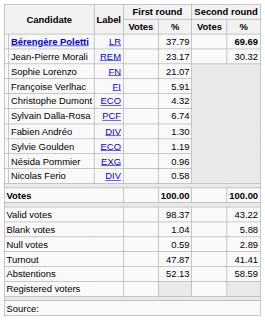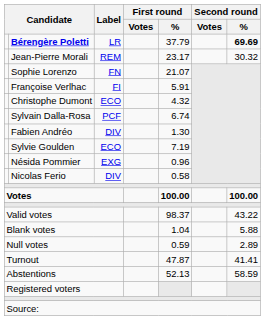 <table class="wikitable" style="text-align:right;font-size:95%;">
 <tr>
 <th colspan="2" rowspan="2">Candidate</th>
 <th rowspan="2">Label</th>
 <th colspan="2">First round</th>
 <th colspan="2">Second round</th>
 </tr>
 <tr>
 <th style="width:50px;">Votes</th>
 <th style="width:45px;">%</th>
 <th style="width:50px;">Votes</th>
 <th style="width:45px;">%</th>
 </tr>
 <tr>
 <td style="color:inherit;background:"></td>
 <td style="text-align:left;"><strong><a href='#'>Bérengère Poletti</a></strong></td>
 <td><a href='#'>LR</a></td>
 <td></td>
 <td>37.79</td>
 <td><strong></strong></td>
 <td><strong>69.69</strong></td>
 </tr>
 <tr>
 <td style="color:inherit;background:"></td>
 <td style="text-align:left;">Jean-Pierre Morali</td>
 <td><a href='#'>REM</a></td>
 <td></td>
 <td>23.17</td>
 <td></td>
 <td>30.32</td>
 </tr>
 <tr>
 <td style="color:inherit;background:"></td>
 <td style="text-align:left;">Sophie Lorenzo</td>
 <td><a href='#'>FN</a></td>
 <td></td>
 <td>21.07</td>
 <td colspan="2" rowspan="8" style="background:#E9E9E9;"></td>
 </tr>
 <tr>
 <td style="color:inherit;background:"></td>
 <td style="text-align:left;">Françoise Verlhac</td>
 <td><a href='#'>FI</a></td>
 <td></td>
 <td>5.91</td>
 </tr>
 <tr>
 <td style="color:inherit;background:"></td>
 <td style="text-align:left;">Christophe Dumont</td>
 <td><a href='#'>ECO</a></td>
 <td></td>
 <td>4.32</td>
 </tr>
 <tr>
 <td style="color:inherit;background:"></td>
 <td style="text-align:left;">Sylvain Dalla-Rosa</td>
 <td><a href='#'>PCF</a></td>
 <td></td>
 <td>6.74</td>
 </tr>
 <tr>
 <td style="color:inherit;background:"></td>
 <td style="text-align:left;">Fabien Andréo</td>
 <td><a href='#'>DIV</a></td>
 <td></td>
 <td>1.30</td>
 </tr>
 <tr>
 <td style="color:inherit;background:"></td>
 <td style="text-align:left;">Sylvie Goulden</td>
 <td><a href='#'>ECO</a></td>
 <td></td>
-<td>1.19</td>
+<td>7.19</td>
 </tr>
 <tr>
 <td style="color:inherit;background:"></td>
 <td style="text-align:left;">Nésida Pommier</td>
 <td><a href='#'>EXG</a></td>
 <td></td>
 <td>0.96</td>
 </tr>
 <tr>
 <td style="color:inherit;background:"></td>
 <td style="text-align:left;">Nicolas Ferio</td>
 <td><a href='#'>DIV</a></td>
 <td></td>
 <td>0.58</td>
 </tr>
 <tr>
 <td colspan="7" style="background:#E9E9E9;"></td>
 </tr>
 <tr style="font-weight:bold;">
 <td colspan="3" style="text-align:left;">Votes</td>
 <td></td>
 <td>100.00</td>
 <td></td>
 <td>100.00</td>
 </tr>
 <tr>
 <td colspan="7" style="background:#E9E9E9;"></td>
 </tr>
 <tr>
 <td colspan="3" style="text-align:left;">Valid votes</td>
 <td></td>
 <td>98.37</td>
 <td></td>
 <td>43.22</td>
 </tr>
 <tr>
 <td colspan="3" style="text-align:left;">Blank votes</td>
 <td></td>
 <td>1.04</td>
 <td></td>
 <td>5.88</td>
 </tr>
 <tr>
 <td colspan="3" style="text-align:left;">Null votes</td>
 <td></td>
 <td>0.59</td>
 <td></td>
 <td>2.89</td>
 </tr>
 <tr>
 <td colspan="3" style="text-align:left;">Turnout</td>
 <td></td>
 <td>47.87</td>
 <td></td>
 <td>41.41</td>
 </tr>
 <tr>
 <td colspan="3" style="text-align:left;">Abstentions</td>
 <td></td>
 <td>52.13</td>
 <td></td>
 <td>58.59</td>
 </tr>
 <tr>
 <td colspan="3" style="text-align:left;">Registered voters</td>
 <td></td>
 <td style="background:#E9E9E9;"></td>
 <td></td>
 <td style="background:#E9E9E9;"></td>
 </tr>
 <tr>
 <td colspan="7" style="background:#E9E9E9;"></td>
 </tr>
 <tr>
 <td colspan="7" style="text-align:left;">Source: </td>
 </tr>
 </table>
